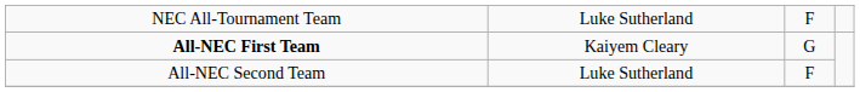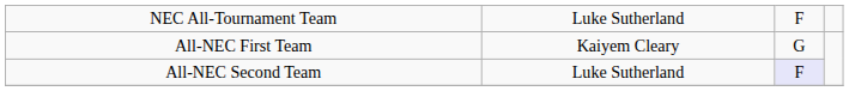 <table class="wikitable" style="width: 90%;text-align: center;">
 <tr align="center">
 <td>NEC All-Tournament Team</td>
 <td>Luke Sutherland</td>
 <td>F</td>
 <td></td>
 </tr>
 <tr align="center">
-<td><strong>All-NEC First Team</strong></td>
+<td>All-NEC First Team</td>
 <td>Kaiyem Cleary</td>
 <td>G</td>
 <td rowspan="2"></td>
 </tr>
 <tr align="center">
 <td>All-NEC Second Team</td>
 <td>Luke Sutherland</td>
-<td>F</td>
+<td style="background: lavender;">F</td>
 </tr>
 <tr>
 </tr>
 </table>
